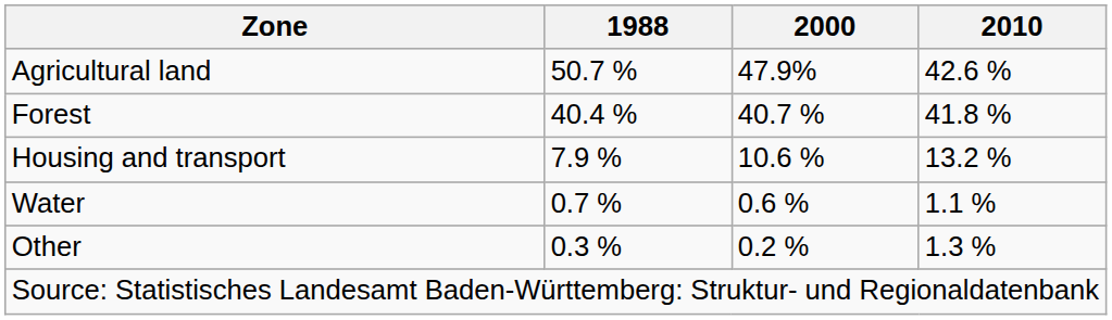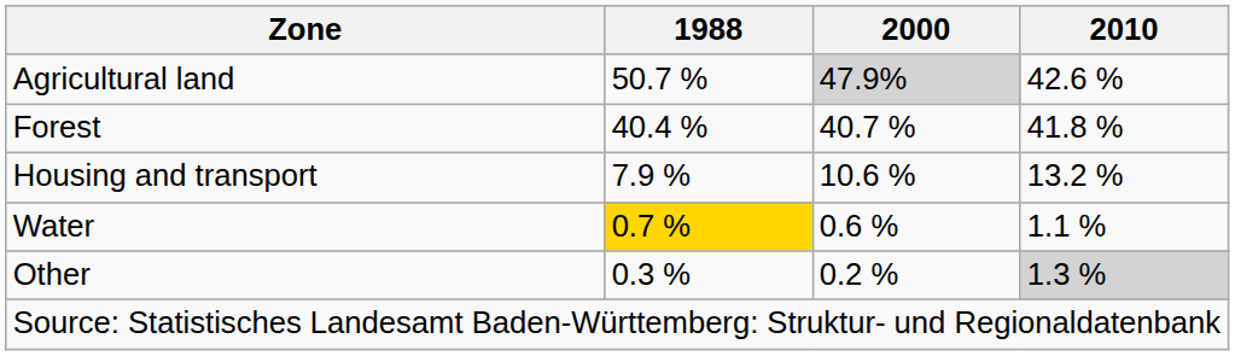 <table class="wikitable">
 <tr>
 <th>Zone</th>
 <th>1988</th>
 <th>2000</th>
 <th>2010</th>
 </tr>
 <tr>
 <td>Agricultural land</td>
 <td>50.7 %</td>
-<td>47.9%</td>
+<td style="background: lightgrey;">47.9%</td>
 <td>42.6 %</td>
 </tr>
 <tr>
 <td>Forest</td>
 <td>40.4 %</td>
 <td>40.7 %</td>
 <td>41.8 %</td>
 </tr>
 <tr>
 <td>Housing and transport</td>
 <td>7.9 %</td>
 <td>10.6 %</td>
 <td>13.2 %</td>
 </tr>
 <tr>
 <td>Water</td>
-<td>0.7 %</td>
+<td style="background: gold;">0.7 %</td>
 <td>0.6 %</td>
 <td>1.1 %</td>
 </tr>
 <tr>
 <td>Other</td>
 <td>0.3 %</td>
 <td>0.2 %</td>
-<td>1.3 %</td>
+<td style="background: lightgrey;">1.3 %</td>
 </tr>
 <tr>
 <td colspan="4">Source: Statistisches Landesamt Baden-Württemberg: Struktur- und Regionaldatenbank</td>
 </tr>
 </table>
